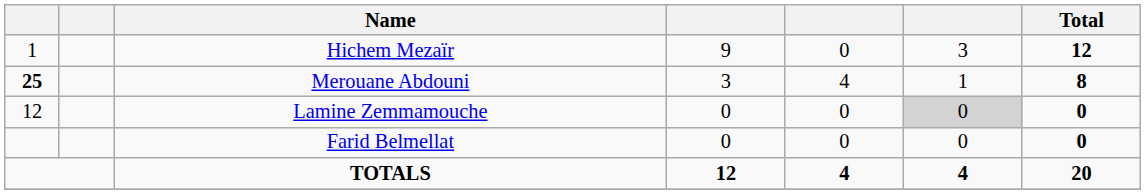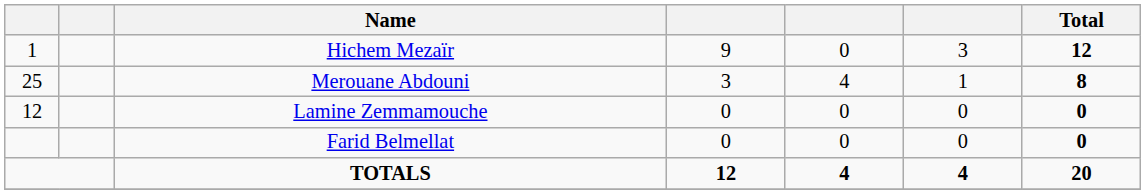 <table class="wikitable sortable alternance"  style="font-size:85%; text-align:center; line-height:14px; width:60%;">
 <tr>
 <th width=15></th>
 <th width=15></th>
 <th width=210>Name</th>
 <th width=40></th>
 <th width=40></th>
 <th width=40></th>
 <th width=40>Total</th>
 </tr>
 <tr>
 <td>1</td>
 <td></td>
 <td><a href='#'>Hichem Mezaïr</a></td>
 <td>9</td>
 <td>0</td>
 <td>3</td>
 <td><strong>12</strong></td>
 </tr>
 <tr>
-<td><strong>25</strong></td>
+<td>25</td>
 <td></td>
 <td><a href='#'>Merouane Abdouni</a></td>
 <td>3</td>
 <td>4</td>
 <td>1</td>
 <td><strong>8</strong></td>
 </tr>
 <tr>
 <td>12</td>
 <td></td>
 <td><a href='#'>Lamine Zemmamouche</a></td>
 <td>0</td>
 <td>0</td>
-<td style="background: lightgrey;">0</td>
+<td>0</td>
 <td><strong>0</strong></td>
 </tr>
 <tr>
 <td></td>
 <td></td>
 <td><a href='#'>Farid Belmellat</a></td>
 <td>0</td>
 <td>0</td>
 <td>0</td>
 <td><strong>0</strong></td>
 </tr>
 <tr>
 <td colspan="2"></td>
 <td><strong>TOTALS</strong></td>
 <td><strong>12</strong></td>
 <td><strong>4</strong></td>
 <td><strong>4</strong></td>
 <td><strong>20</strong></td>
 </tr>
 <tr>
 </tr>
 </table>
